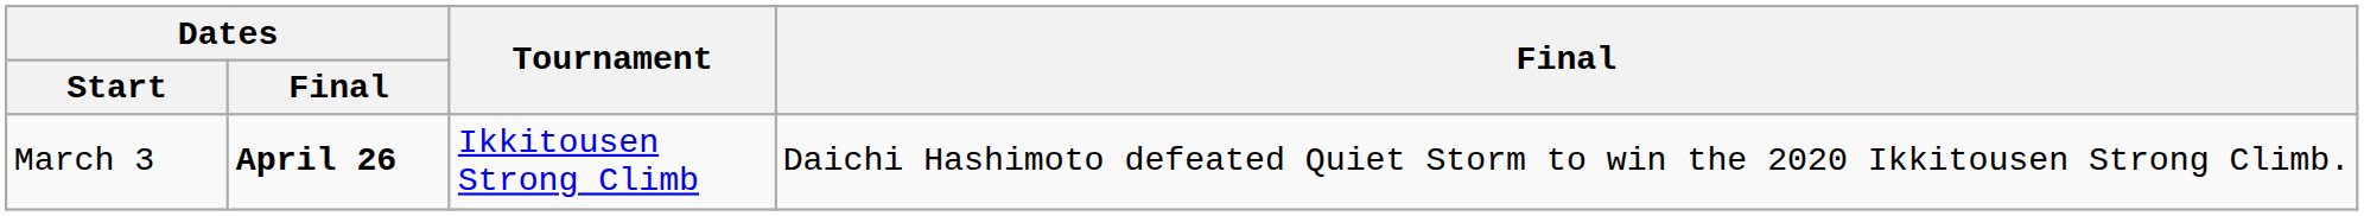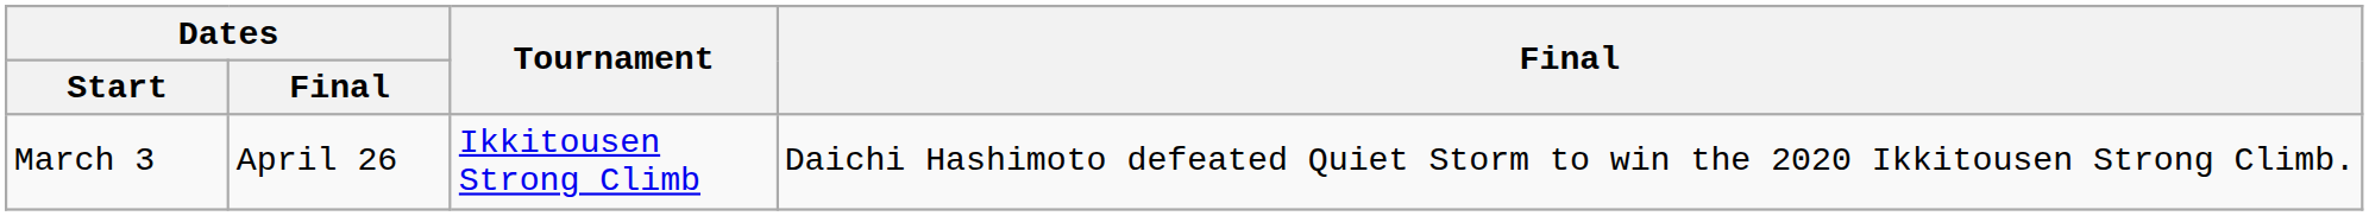 <table class="wikitable">
 <tr>
 <th colspan=2>Dates</th>
 <th rowspan=2 scope="col" style="width: 120px;">Tournament</th>
 <th rowspan=2>Final</th>
 </tr>
 <tr>
 <th scope="col" style="width: 80px;">Start</th>
 <th scope="col" style="width: 80px;">Final</th>
 </tr>
 <tr>
 <td>March 3</td>
-<td><strong>April 26</strong></td>
+<td>April 26</td>
 <td><a href='#'>Ikkitousen Strong Climb</a></td>
 <td>Daichi Hashimoto defeated Quiet Storm to win the 2020 Ikkitousen Strong Climb.</td>
 </tr>
 </table>
